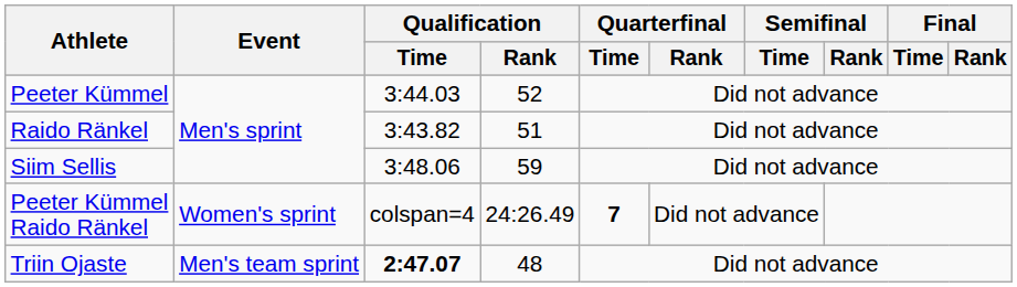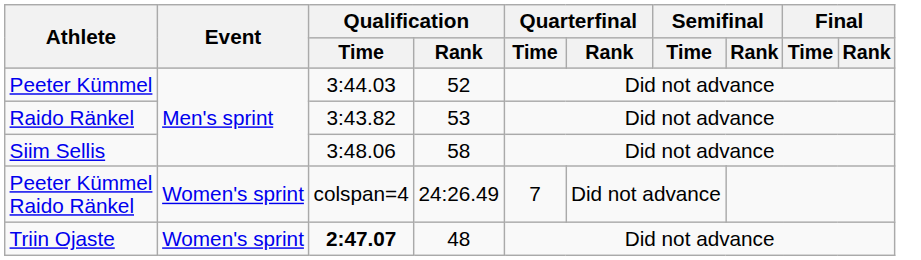 <table class="wikitable" style="font-size:90%">
 <tr>
 <th rowspan="2">Athlete</th>
 <th rowspan="2">Event</th>
 <th colspan="2">Qualification</th>
 <th colspan="2">Quarterfinal</th>
 <th colspan="2">Semifinal</th>
 <th colspan="2">Final</th>
 </tr>
 <tr style="font-size:95%">
 <th>Time</th>
 <th>Rank</th>
 <th>Time</th>
 <th>Rank</th>
 <th>Time</th>
 <th>Rank</th>
 <th>Time</th>
 <th>Rank</th>
 </tr>
 <tr align=center>
 <td align=left><a href='#'>Peeter Kümmel</a></td>
 <td align=left rowspan=3><a href='#'>Men's sprint</a></td>
 <td>3:44.03</td>
 <td>52</td>
 <td colspan=6>Did not advance</td>
 </tr>
 <tr align=center>
 <td align=left><a href='#'>Raido Ränkel</a></td>
 <td>3:43.82</td>
-<td>51</td>
+<td>53</td>
 <td colspan=6>Did not advance</td>
 </tr>
 <tr align=center>
 <td align=left><a href='#'>Siim Sellis</a></td>
 <td>3:48.06</td>
-<td>59</td>
+<td>58</td>
 <td colspan=6>Did not advance</td>
 </tr>
 <tr align=center>
 <td align=left><a href='#'>Peeter Kümmel</a><br><a href='#'>Raido Ränkel</a></td>
 <td align=left><a href='#'>Women's sprint</a></td>
 <td>colspan=4 </td>
 <td>24:26.49</td>
-<td><strong>7</strong></td>
+<td>7</td>
 <td colspan=2>Did not advance</td>
 </tr>
 <tr align=center>
 <td align=left><a href='#'>Triin Ojaste</a></td>
-<td align=left><a href='#'>Men's team sprint</a></td>
+<td align=left><a href='#'>Women's sprint</a></td>
 <td><strong>2:47.07</strong></td>
 <td>48</td>
 <td colspan=6>Did not advance</td>
 </tr>
 </table>
